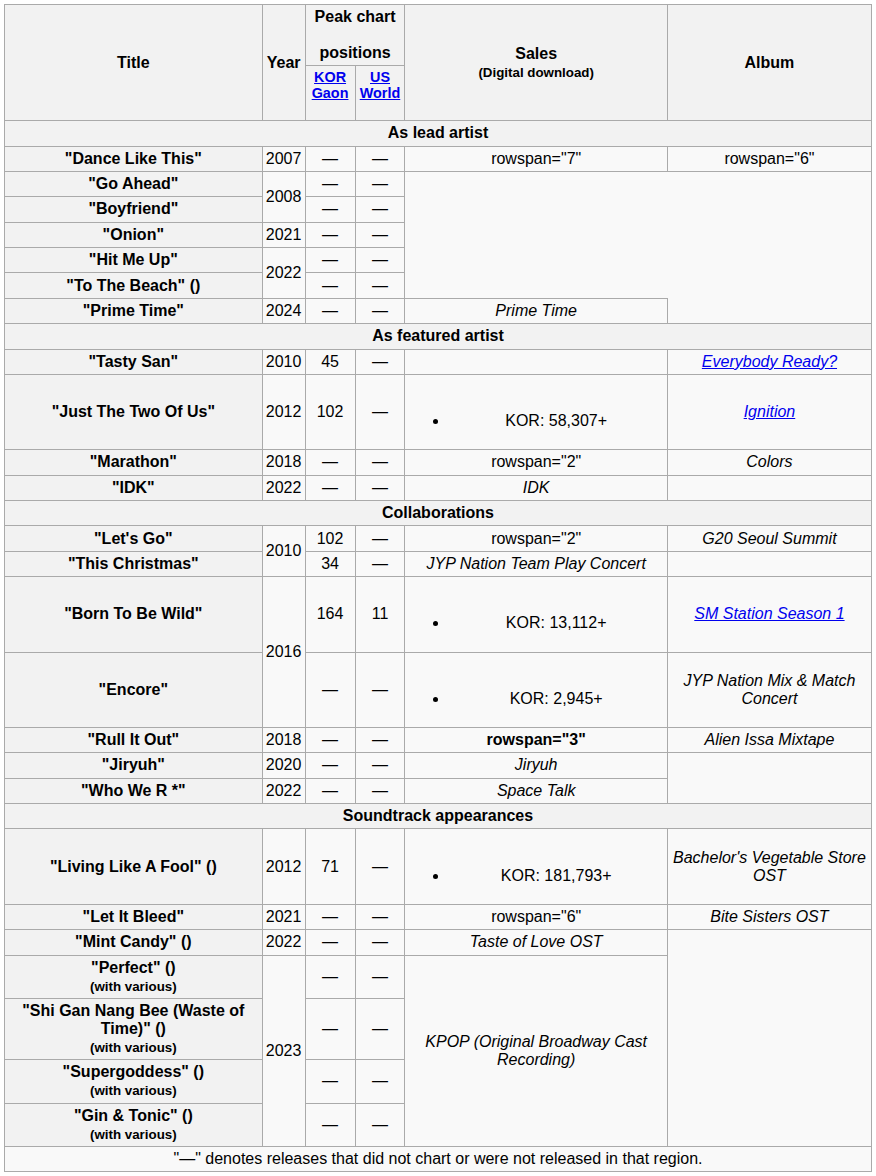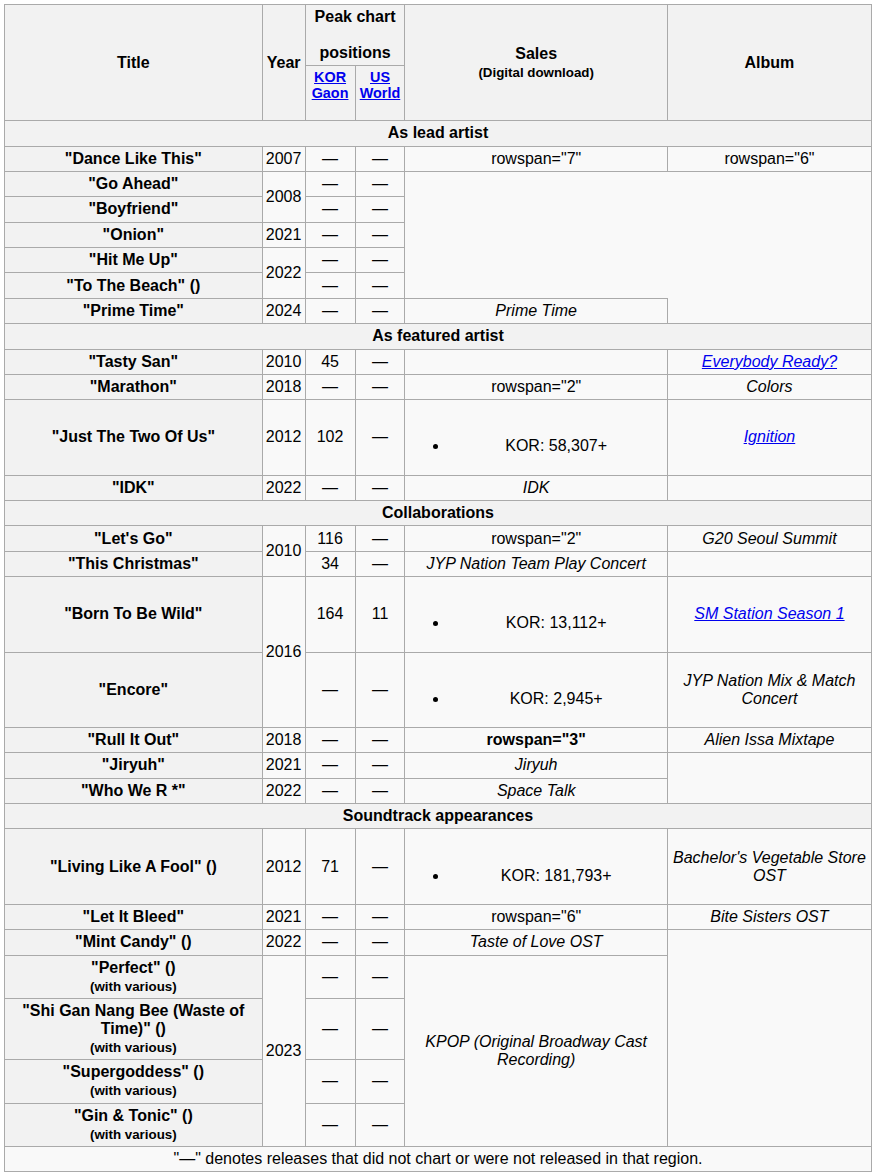 <table style="text-align:center;" class="wikitable plainrowheaders">
 <tr>
 <th scope="col" rowspan="2">Title</th>
 <th scope="col" rowspan="2">Year</th>
 <th scope="col" colspan="2">Peak chart<br><br>positions</th>
 <th scope="col" rowspan="2">Sales<br><small>(Digital download)</small></th>
 <th scope="col" rowspan="2">Album</th>
 </tr>
 <tr>
 <th scope="col" style="width:3em;font-size:90%;"><a href='#'>KOR<br>Gaon</a><br><br></th>
 <th scope="col" style="width:3em;font-size:90%;"><a href='#'>US<br>World</a><br><br></th>
 </tr>
 <tr>
 <th colspan="6">As lead artist</th>
 </tr>
 <tr>
 <th scope="row">"Dance Like This"</th>
 <td>2007</td>
 <td>—</td>
 <td>—</td>
 <td>rowspan="7" </td>
 <td>rowspan="6" </td>
 </tr>
 <tr>
 <th scope="row">"Go Ahead"</th>
 <td rowspan="2">2008</td>
 <td>—</td>
 <td>—</td>
 </tr>
 <tr>
 <th scope="row">"Boyfriend"</th>
 <td>—</td>
 <td>—</td>
 </tr>
 <tr>
 <th scope="row">"Onion" <br></th>
 <td>2021</td>
 <td>—</td>
 <td>—</td>
 </tr>
 <tr>
 <th scope="row">"Hit Me Up" <br></th>
 <td rowspan="2">2022</td>
 <td>—</td>
 <td>—</td>
 </tr>
 <tr>
 <th scope="row">"To The Beach" ()</th>
 <td>—</td>
 <td>—</td>
 </tr>
 <tr>
 <th scope="row">"Prime Time" <br></th>
 <td>2024</td>
 <td>—</td>
 <td>—</td>
 <td><em>Prime Time</em></td>
 </tr>
 <tr>
 <th colspan="6">As featured artist</th>
 </tr>
 <tr>
 <th scope="row">"Tasty San"<br></th>
 <td>2010</td>
 <td>45</td>
 <td>—</td>
 <td></td>
 <td><em><a href='#'>Everybody Ready?</a></em></td>
 </tr>
 <tr>
+<th scope="row">"Marathon"<br></th>
+<td>2018</td>
+<td>—</td>
+<td>—</td>
+<td>rowspan="2" </td>
+<td><em>Colors</em></td>
+</tr>
+<tr>
 <th scope="row">"Just The Two Of Us"<br></th>
 <td>2012</td>
 <td>102</td>
 <td>—</td>
 <td><br><ul><li>KOR: 58,307+</li></ul></td>
 <td><em><a href='#'>Ignition</a></em></td>
-</tr>
-<tr>
-<th scope="row">"Marathon"<br></th>
-<td>2018</td>
-<td>—</td>
-<td>—</td>
-<td>rowspan="2" </td>
-<td><em>Colors</em></td>
 </tr>
 <tr>
 <th scope="row">"IDK"<br></th>
 <td>2022</td>
 <td>—</td>
 <td>—</td>
 <td><em>IDK</em></td>
 </tr>
 <tr>
 <th colspan="6">Collaborations</th>
 </tr>
 <tr>
 <th scope="row">"Let's Go"<br></th>
 <td rowspan="2">2010</td>
-<td>102</td>
+<td>116</td>
 <td>—</td>
 <td>rowspan="2" </td>
 <td><em>G20 Seoul Summit</em><br></td>
 </tr>
 <tr>
 <th scope="row">"This Christmas"<br></th>
 <td>34</td>
 <td>—</td>
 <td><em>JYP Nation Team Play Concert</em><br></td>
 </tr>
 <tr>
 <th scope="row">"Born To Be Wild"<br></th>
 <td rowspan="2">2016</td>
 <td>164</td>
 <td>11</td>
 <td><br><ul><li>KOR: 13,112+</li></ul></td>
 <td><em><a href='#'>SM Station Season 1</a></em></td>
 </tr>
 <tr>
 <th scope="row">"Encore"<br></th>
 <td>—</td>
 <td>—</td>
 <td><br><ul><li>KOR: 2,945+</li></ul></td>
 <td><em>JYP Nation Mix & Match Concert</em><br></td>
 </tr>
 <tr>
 <th scope="row">"Rull It Out"<br></th>
 <td>2018</td>
 <td>—</td>
 <td>—</td>
 <td><strong>rowspan="3" </strong></td>
 <td><em>Alien Issa Mixtape</em></td>
 </tr>
 <tr>
 <th scope="row">"Jiryuh"<br></th>
-<td>2020</td>
+<td>2021</td>
 <td>—</td>
 <td>—</td>
 <td><em>Jiryuh</em></td>
 </tr>
 <tr>
 <th scope="row">"Who We R *"<br></th>
 <td>2022</td>
 <td>—</td>
 <td>—</td>
 <td><em>Space Talk</em></td>
 </tr>
 <tr>
 <th colspan="6">Soundtrack appearances</th>
 </tr>
 <tr>
 <th scope="row">"Living Like A Fool" ()</th>
 <td>2012</td>
 <td>71</td>
 <td>—</td>
 <td><br><ul><li>KOR: 181,793+</li></ul></td>
 <td><em>Bachelor's Vegetable Store OST</em></td>
 </tr>
 <tr>
 <th scope="row">"Let It Bleed"<br></th>
 <td>2021</td>
 <td>—</td>
 <td>—</td>
 <td>rowspan="6" </td>
 <td><em>Bite Sisters OST</em></td>
 </tr>
 <tr>
 <th scope="row">"Mint Candy" ()</th>
 <td>2022</td>
 <td>—</td>
 <td>—</td>
 <td><em>Taste of Love OST</em></td>
 </tr>
 <tr>
 <th scope="row">"Perfect" () <br><small>(with  various)</small></th>
 <td rowspan="4">2023</td>
 <td>—</td>
 <td>—</td>
 <td rowspan="4"><em>KPOP (Original Broadway Cast Recording) </em></td>
 </tr>
 <tr>
 <th scope="row">"Shi Gan Nang Bee (Waste of Time)" () <br><small>(with  various)</small></th>
 <td>—</td>
 <td>—</td>
 </tr>
 <tr>
 <th scope="row">"Supergoddess" () <br><small>(with  various)</small></th>
 <td>—</td>
 <td>—</td>
 </tr>
 <tr>
 <th scope="row">"Gin & Tonic" () <br><small>(with  various)</small></th>
 <td>—</td>
 <td>—</td>
 </tr>
 <tr>
 <td style="text-align:center;" colspan="6">"—" denotes releases that did not chart or were not released in that region.</td>
 </tr>
 </table>
